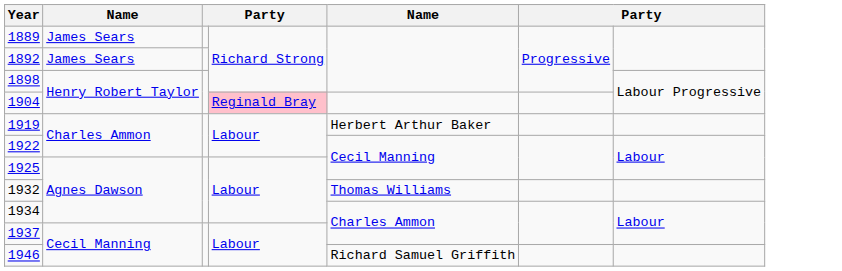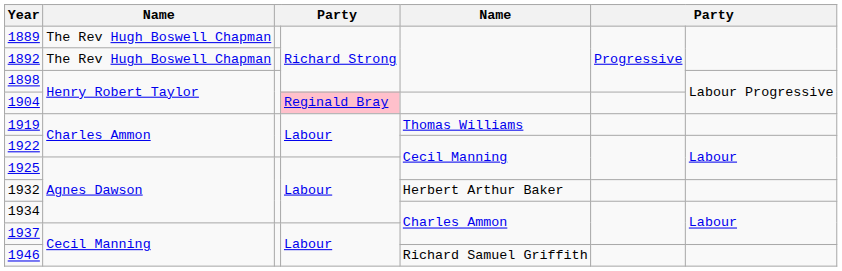 <table class="wikitable">
 <tr>
 <th>Year</th>
 <th>Name</th>
 <th colspan=2>Party</th>
 <th>Name</th>
 <th colspan=2>Party</th>
 </tr>
 <tr>
 <td><a href='#'>1889</a></td>
-<td><a href='#'>James Sears</a></td>
+<td>The Rev <a href='#'>Hugh Boswell Chapman</a></td>
 <td></td>
 <td rowspan=3><a href='#'>Richard Strong</a></td>
 <td rowspan=3 style="background-color: "></td>
 <td rowspan=3><a href='#'>Progressive</a></td>
 </tr>
 <tr>
 <td><a href='#'>1892</a></td>
-<td><a href='#'>James Sears</a></td>
+<td>The Rev <a href='#'>Hugh Boswell Chapman</a></td>
 <td></td>
 </tr>
 <tr>
 <td><a href='#'>1898</a></td>
 <td rowspan=2><a href='#'>Henry Robert Taylor</a></td>
 <td rowspan=2 style="background-color: "></td>
 <td rowspan=2>Labour Progressive</td>
 </tr>
 <tr>
 <td><a href='#'>1904</a></td>
 <td style="background: pink;"><a href='#'>Reginald Bray</a></td>
 <td></td>
 </tr>
 <tr>
 <td><a href='#'>1919</a></td>
 <td rowspan=2><a href='#'>Charles Ammon</a></td>
 <td rowspan=2 style="background-color: "></td>
 <td rowspan=2><a href='#'>Labour</a></td>
-<td>Herbert Arthur Baker</td>
+<td><a href='#'>Thomas Williams</a></td>
 <td></td>
 </tr>
 <tr>
 <td><a href='#'>1922</a></td>
 <td rowspan=2><a href='#'>Cecil Manning</a></td>
 <td rowspan=2 style="background-color: "></td>
 <td rowspan=2><a href='#'>Labour</a></td>
 </tr>
 <tr>
 <td><a href='#'>1925</a></td>
 <td rowspan=3><a href='#'>Agnes Dawson</a></td>
 <td rowspan=3 style="background-color: "></td>
 <td rowspan=3><a href='#'>Labour</a></td>
 </tr>
 <tr>
 <td>1932</td>
-<td><a href='#'>Thomas Williams</a></td>
+<td>Herbert Arthur Baker</td>
 <td></td>
 </tr>
 <tr>
 <td>1934</td>
 <td rowspan=2><a href='#'>Charles Ammon</a></td>
 <td rowspan=2 style="background-color: "></td>
 <td rowspan=2><a href='#'>Labour</a></td>
 </tr>
 <tr>
 <td><a href='#'>1937</a></td>
 <td rowspan=2><a href='#'>Cecil Manning</a></td>
 <td rowspan=2 style="background-color: "></td>
 <td rowspan=2><a href='#'>Labour</a></td>
 </tr>
 <tr>
 <td><a href='#'>1946</a></td>
 <td>Richard Samuel Griffith</td>
 <td></td>
 </tr>
 </table>
